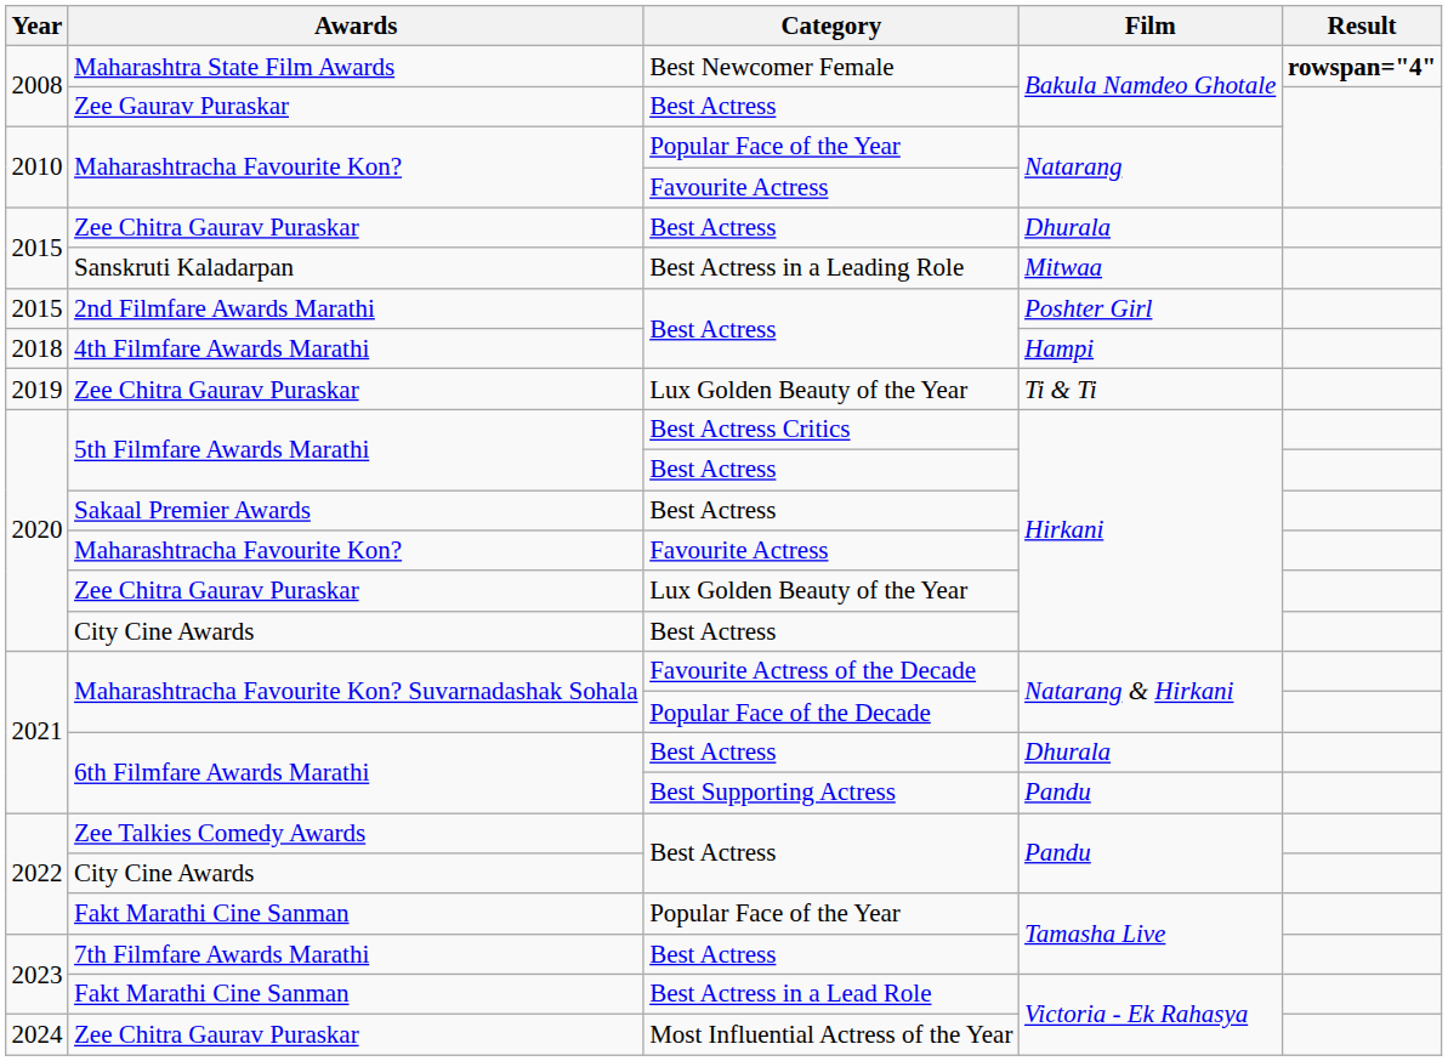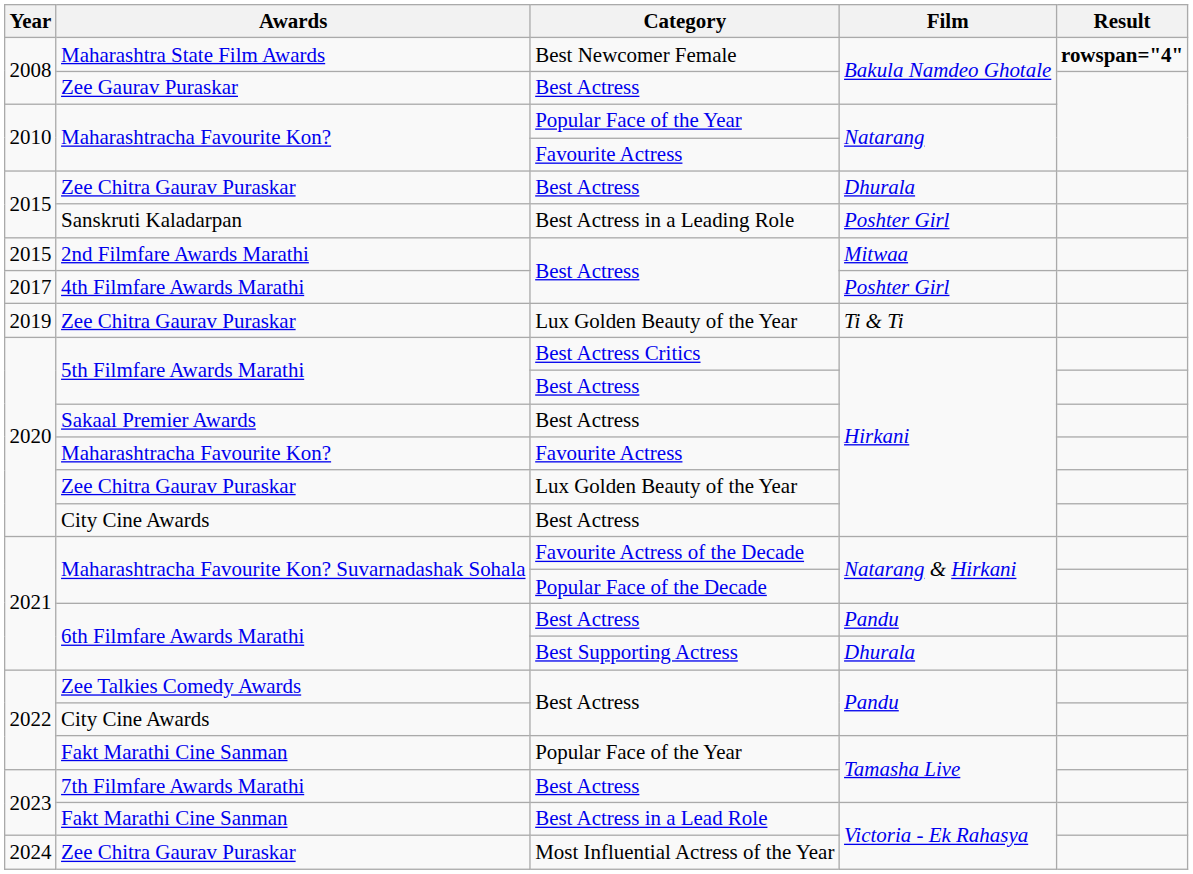 <table class="wikitable">
 <tr>
 <th>Year</th>
 <th>Awards</th>
 <th>Category</th>
 <th>Film</th>
 <th>Result</th>
 </tr>
 <tr>
 <td rowspan="2">2008</td>
 <td><a href='#'>Maharashtra State Film Awards</a></td>
 <td>Best Newcomer Female</td>
 <td rowspan="2"><em><a href='#'>Bakula Namdeo Ghotale</a></em></td>
 <td><strong>rowspan="4" </strong></td>
 </tr>
 <tr>
 <td><a href='#'>Zee Gaurav Puraskar</a></td>
 <td><a href='#'>Best Actress</a></td>
 </tr>
 <tr>
 <td rowspan="2">2010</td>
 <td rowspan="2"><a href='#'>Maharashtracha Favourite Kon?</a></td>
 <td><a href='#'>Popular Face of the Year</a></td>
 <td rowspan="2"><em><a href='#'>Natarang</a></em></td>
 </tr>
 <tr>
 <td><a href='#'>Favourite Actress</a></td>
 </tr>
 <tr>
 <td rowspan="2">2015</td>
 <td><a href='#'>Zee Chitra Gaurav Puraskar</a></td>
 <td><a href='#'>Best Actress</a></td>
 <td><em><a href='#'>Dhurala</a></em></td>
 <td></td>
 </tr>
 <tr>
 <td>Sanskruti Kaladarpan</td>
 <td>Best Actress in a Leading Role</td>
-<td><em><a href='#'>Mitwaa</a></em></td>
+<td><em><a href='#'>Poshter Girl</a></em></td>
 <td></td>
 </tr>
 <tr>
 <td>2015</td>
 <td><a href='#'>2nd Filmfare Awards Marathi</a></td>
 <td rowspan="2"><a href='#'>Best Actress</a></td>
-<td><em><a href='#'>Poshter Girl</a></em></td>
+<td><em><a href='#'>Mitwaa</a></em></td>
 <td></td>
 </tr>
 <tr>
-<td>2018</td>
+<td>2017</td>
 <td><a href='#'>4th Filmfare Awards Marathi</a></td>
-<td><em><a href='#'>Hampi</a></em></td>
+<td><em><a href='#'>Poshter Girl</a></em></td>
 <td></td>
 </tr>
 <tr>
 <td>2019</td>
 <td><a href='#'>Zee Chitra Gaurav Puraskar</a></td>
 <td>Lux Golden Beauty of the Year</td>
 <td><em>Ti & Ti</em></td>
 <td></td>
 </tr>
 <tr>
 <td rowspan="6">2020</td>
 <td rowspan="2"><a href='#'>5th Filmfare Awards Marathi</a></td>
 <td><a href='#'>Best Actress Critics</a></td>
 <td rowspan="6"><em><a href='#'>Hirkani</a></em></td>
 <td></td>
 </tr>
 <tr>
 <td><a href='#'>Best Actress</a></td>
 <td></td>
 </tr>
 <tr>
 <td><a href='#'>Sakaal Premier Awards</a></td>
 <td>Best Actress</td>
 <td></td>
 </tr>
 <tr>
 <td><a href='#'>Maharashtracha Favourite Kon?</a></td>
 <td><a href='#'>Favourite Actress</a></td>
 <td></td>
 </tr>
 <tr>
 <td><a href='#'>Zee Chitra Gaurav Puraskar</a></td>
 <td>Lux Golden Beauty of the Year</td>
 <td></td>
 </tr>
 <tr>
 <td>City Cine Awards</td>
 <td>Best Actress</td>
 <td></td>
 </tr>
 <tr>
 <td rowspan="4">2021</td>
 <td rowspan="2"><a href='#'>Maharashtracha Favourite Kon? Suvarnadashak Sohala</a></td>
 <td><a href='#'>Favourite Actress of the Decade</a></td>
 <td rowspan="2"><em><a href='#'>Natarang</a> & <a href='#'>Hirkani</a></em></td>
 <td></td>
 </tr>
 <tr>
 <td><a href='#'>Popular Face of the Decade</a></td>
 <td></td>
 </tr>
 <tr>
 <td rowspan="2"><a href='#'>6th Filmfare Awards Marathi</a></td>
 <td><a href='#'>Best Actress</a></td>
-<td><em><a href='#'>Dhurala</a></em></td>
+<td><em><a href='#'>Pandu</a></em></td>
 <td></td>
 </tr>
 <tr>
 <td><a href='#'>Best Supporting Actress</a></td>
-<td><em><a href='#'>Pandu</a></em></td>
+<td><em><a href='#'>Dhurala</a></em></td>
 <td></td>
 </tr>
 <tr>
 <td rowspan="3">2022</td>
 <td><a href='#'>Zee Talkies Comedy Awards</a></td>
 <td rowspan="2">Best Actress</td>
 <td rowspan="2"><em><a href='#'>Pandu</a></em></td>
 <td></td>
 </tr>
 <tr>
 <td>City Cine Awards</td>
 <td></td>
 </tr>
 <tr>
 <td><a href='#'>Fakt Marathi Cine Sanman</a></td>
 <td>Popular Face of the Year</td>
 <td rowspan="2"><em><a href='#'>Tamasha Live</a></em></td>
 <td></td>
 </tr>
 <tr>
 <td rowspan="2">2023</td>
 <td><a href='#'>7th Filmfare Awards Marathi</a></td>
 <td><a href='#'>Best Actress</a></td>
 <td></td>
 </tr>
 <tr>
 <td><a href='#'>Fakt Marathi Cine Sanman</a></td>
 <td><a href='#'>Best Actress in a Lead Role</a></td>
 <td rowspan="2"><em><a href='#'>Victoria - Ek Rahasya</a></em></td>
 <td></td>
 </tr>
 <tr>
 <td>2024</td>
 <td><a href='#'>Zee Chitra Gaurav Puraskar</a></td>
 <td>Most Influential Actress of the Year</td>
 <td></td>
 </tr>
 </table>
